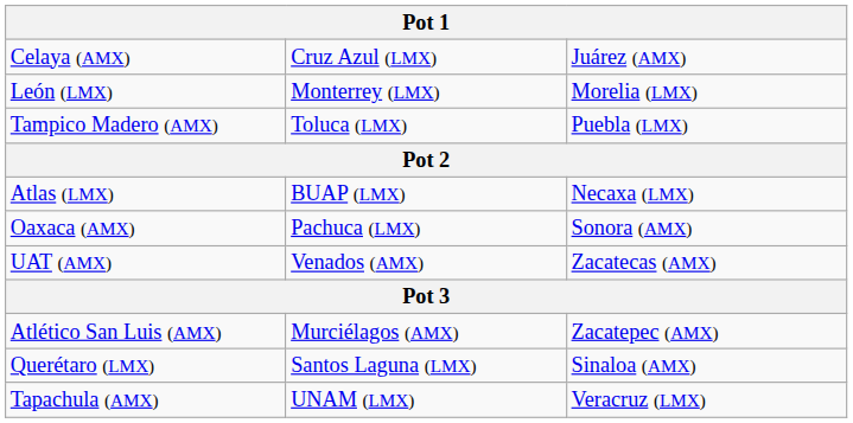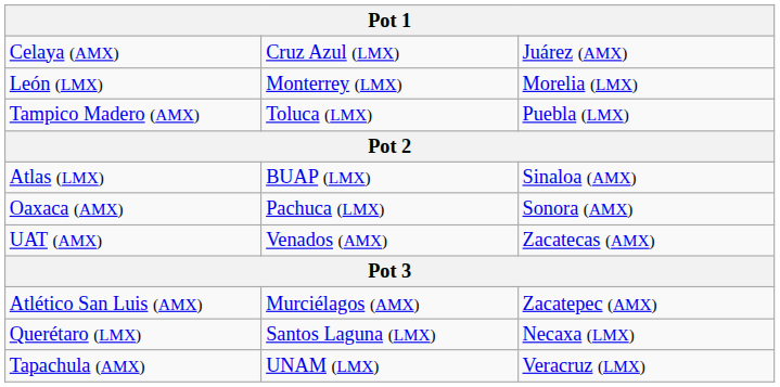 <table class="wikitable">
 <tr>
 <th colspan=5>Pot 1</th>
 </tr>
 <tr>
 <td width=200><a href='#'>Celaya</a> <small>(<a href='#'>AMX</a>)</small></td>
 <td width=200><a href='#'>Cruz Azul</a> <small>(<a href='#'>LMX</a>)</small></td>
 <td width=200><a href='#'>Juárez</a> <small>(<a href='#'>AMX</a>)</small></td>
 </tr>
 <tr>
 <td width=200><a href='#'>León</a> <small>(<a href='#'>LMX</a>)</small></td>
 <td width=200><a href='#'>Monterrey</a> <small>(<a href='#'>LMX</a>)</small></td>
 <td><a href='#'>Morelia</a> <small>(<a href='#'>LMX</a>)</small></td>
 </tr>
 <tr>
 <td><a href='#'>Tampico Madero</a> <small>(<a href='#'>AMX</a>)</small></td>
 <td><a href='#'>Toluca</a> <small>(<a href='#'>LMX</a>)</small></td>
 <td><a href='#'>Puebla</a> <small>(<a href='#'>LMX</a>)</small></td>
 </tr>
 <tr>
 <th colspan=5>Pot 2</th>
 </tr>
 <tr>
 <td><a href='#'>Atlas</a> <small>(<a href='#'>LMX</a>)</small></td>
 <td><a href='#'>BUAP</a> <small>(<a href='#'>LMX</a>)</small></td>
-<td><a href='#'>Necaxa</a> <small>(<a href='#'>LMX</a>)</small></td>
+<td><a href='#'>Sinaloa</a> <small>(<a href='#'>AMX</a>)</small></td>
 </tr>
 <tr>
 <td><a href='#'>Oaxaca</a> <small>(<a href='#'>AMX</a>)</small></td>
 <td><a href='#'>Pachuca</a> <small>(<a href='#'>LMX</a>)</small></td>
 <td><a href='#'>Sonora</a> <small>(<a href='#'>AMX</a>)</small></td>
 </tr>
 <tr>
 <td><a href='#'>UAT</a> <small>(<a href='#'>AMX</a>)</small></td>
 <td><a href='#'>Venados</a> <small>(<a href='#'>AMX</a>)</small></td>
 <td><a href='#'>Zacatecas</a> <small>(<a href='#'>AMX</a>)</small></td>
 </tr>
 <tr>
 <th colspan=5>Pot 3</th>
 </tr>
 <tr>
 <td><a href='#'>Atlético San Luis</a> <small>(<a href='#'>AMX</a>)</small></td>
 <td><a href='#'>Murciélagos</a> <small>(<a href='#'>AMX</a>)</small></td>
 <td><a href='#'>Zacatepec</a> <small>(<a href='#'>AMX</a>)</small></td>
 </tr>
 <tr>
 <td><a href='#'>Querétaro</a> <small>(<a href='#'>LMX</a>)</small></td>
 <td><a href='#'>Santos Laguna</a> <small>(<a href='#'>LMX</a>)</small></td>
-<td><a href='#'>Sinaloa</a> <small>(<a href='#'>AMX</a>)</small></td>
+<td><a href='#'>Necaxa</a> <small>(<a href='#'>LMX</a>)</small></td>
 </tr>
 <tr>
 <td><a href='#'>Tapachula</a> <small>(<a href='#'>AMX</a>)</small></td>
 <td><a href='#'>UNAM</a> <small>(<a href='#'>LMX</a>)</small></td>
 <td><a href='#'>Veracruz</a> <small>(<a href='#'>LMX</a>)</small></td>
 </tr>
 </table>
